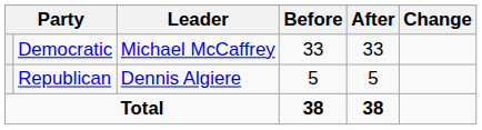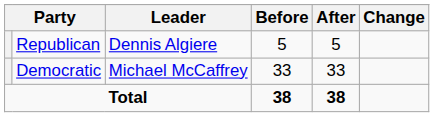 <table class="wikitable" style="text-align:center;">
 <tr>
 </tr>
 <tr>
 <th colspan=2>Party</th>
 <th>Leader</th>
 <th>Before</th>
 <th>After</th>
 <th>Change</th>
 </tr>
 <tr>
 <th style="background-color:"></th>
+<td style="text-align:left;"><a href='#'>Republican</a></td>
+<td style="text-align:left;"><a href='#'>Dennis Algiere</a></td>
+<td>5</td>
+<td>5</td>
+<td></td>
+</tr>
+<tr>
+<th style="background-color:"></th>
 <td style="text-align:left;"><a href='#'>Democratic</a></td>
 <td style="text-align:left;"><a href='#'>Michael McCaffrey</a></td>
 <td>33</td>
 <td>33</td>
-<td></td>
-</tr>
-<tr>
-<th style="background-color:"></th>
-<td style="text-align:left;"><a href='#'>Republican</a></td>
-<td style="text-align:left;"><a href='#'>Dennis Algiere</a></td>
-<td>5</td>
-<td>5</td>
 <td></td>
 </tr>
 <tr>
 <td colspan=3><strong>Total</strong></td>
 <td><strong>38</strong></td>
 <td><strong>38</strong></td>
 <td></td>
 </tr>
 </table>
